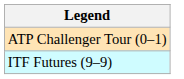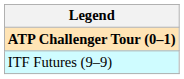 <table class="wikitable">
 <tr>
 <th>Legend</th>
 </tr>
 <tr style="background:moccasin;">
-<td>ATP Challenger Tour (0–1)</td>
+<td><strong>ATP Challenger Tour (0–1)</strong></td>
 </tr>
 <tr style="background:#cffcff;">
 <td>ITF Futures (9–9)</td>
 </tr>
 </table>
